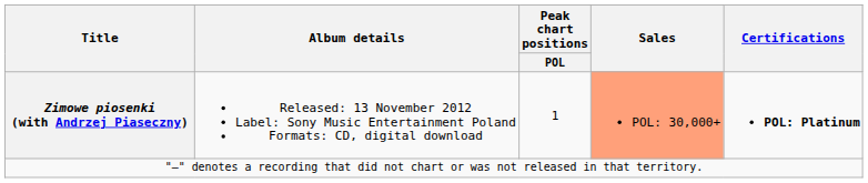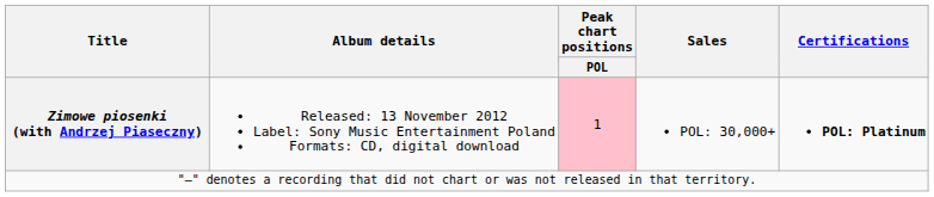 <table class="wikitable plainrowheaders" style="text-align:center;">
 <tr>
 <th scope="col" rowspan="2" style="width:15em;">Title</th>
 <th scope="col" rowspan="2">Album details</th>
 <th scope="col">Peak chart positions</th>
 <th scope="col" rowspan="2">Sales</th>
 <th scope="col" rowspan="2"><a href='#'>Certifications</a></th>
 </tr>
 <tr>
 <th scope="col" style="width:3em;font-size:90%;">POL<br></th>
 </tr>
 <tr>
 <th scope="row"><em>Zimowe piosenki</em><br>(with <a href='#'>Andrzej Piaseczny</a>)</th>
 <td><br><ul><li>Released: 13 November 2012</li><li>Label: Sony Music Entertainment Poland</li><li>Formats: CD, digital download</li></ul></td>
-<td>1</td>
-<td style="background: lightsalmon;"><br><ul><li>POL: 30,000+</li></ul></td>
+<td style="background: pink;">1</td>
+<td><br><ul><li>POL: 30,000+</li></ul></td>
 <td><strong><br><ul><li>POL: Platinum</li></ul></strong></td>
 </tr>
 <tr>
 <td colspan="20" style="font-size:90%">"—" denotes a recording that did not chart or was not released in that territory.</td>
 </tr>
 </table>
